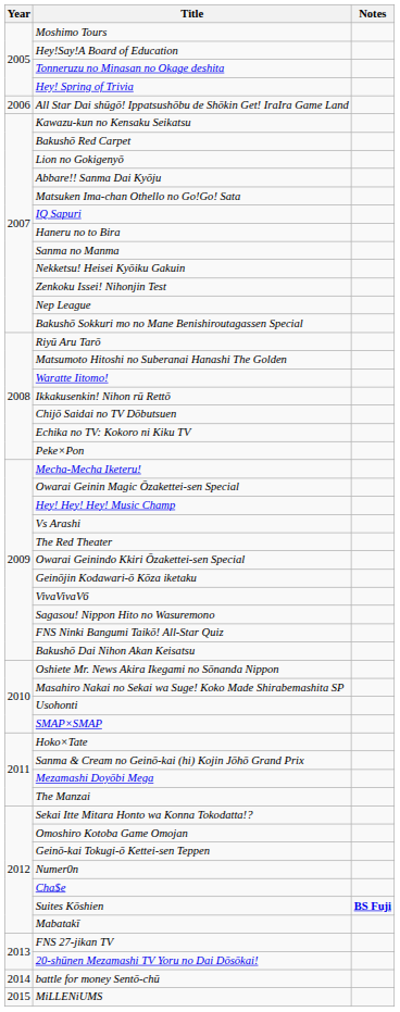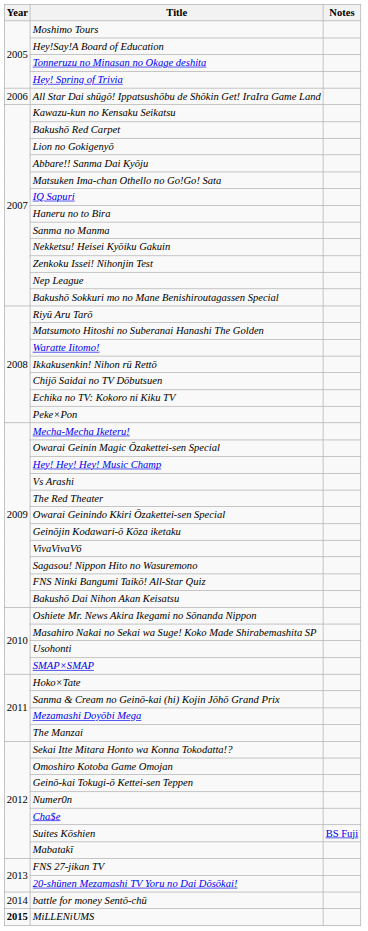 <table class="wikitable">
 <tr>
 <th>Year</th>
 <th>Title</th>
 <th>Notes</th>
 </tr>
 <tr>
 <td rowspan="4">2005</td>
 <td><em>Moshimo Tours</em></td>
 <td></td>
 </tr>
 <tr>
 <td><em>Hey!Say!A Board of Education</em></td>
 <td></td>
 </tr>
 <tr>
 <td><em><a href='#'>Tonneruzu no Minasan no Okage deshita</a></em></td>
 <td></td>
 </tr>
 <tr>
 <td><em><a href='#'>Hey! Spring of Trivia</a></em></td>
 <td></td>
 </tr>
 <tr>
 <td>2006</td>
 <td><em>All Star Dai shūgō! Ippatsushōbu de Shōkin Get! IraIra Game Land</em></td>
 <td></td>
 </tr>
 <tr>
 <td rowspan="12">2007</td>
 <td><em>Kawazu-kun no Kensaku Seikatsu</em></td>
 <td></td>
 </tr>
 <tr>
 <td><em>Bakushō Red Carpet</em></td>
 <td></td>
 </tr>
 <tr>
 <td><em>Lion no Gokigenyō</em></td>
 <td></td>
 </tr>
 <tr>
 <td><em>Abbare!! Sanma Dai Kyōju</em></td>
 <td></td>
 </tr>
 <tr>
 <td><em>Matsuken Ima-chan Othello no Go!Go! Sata</em></td>
 <td></td>
 </tr>
 <tr>
 <td><em><a href='#'>IQ Sapuri</a></em></td>
 <td></td>
 </tr>
 <tr>
 <td><em>Haneru no to Bira</em></td>
 <td></td>
 </tr>
 <tr>
 <td><em>Sanma no Manma</em></td>
 <td></td>
 </tr>
 <tr>
 <td><em>Nekketsu! Heisei Kyōiku Gakuin</em></td>
 <td></td>
 </tr>
 <tr>
 <td><em>Zenkoku Issei! Nihonjin Test</em></td>
 <td></td>
 </tr>
 <tr>
 <td><em>Nep League</em></td>
 <td></td>
 </tr>
 <tr>
 <td><em>Bakushō Sokkuri mo no Mane Benishiroutagassen Special</em></td>
 <td></td>
 </tr>
 <tr>
 <td rowspan="7">2008</td>
 <td><em>Riyū Aru Tarō</em></td>
 <td></td>
 </tr>
 <tr>
 <td><em>Matsumoto Hitoshi no Suberanai Hanashi The Golden</em></td>
 <td></td>
 </tr>
 <tr>
 <td><em><a href='#'>Waratte Iitomo!</a></em></td>
 <td></td>
 </tr>
 <tr>
 <td><em>Ikkakusenkin! Nihon rū Rettō</em></td>
 <td></td>
 </tr>
 <tr>
 <td><em>Chijō Saidai no TV Dōbutsuen</em></td>
 <td></td>
 </tr>
 <tr>
 <td><em>Echika no TV: Kokoro ni Kiku TV</em></td>
 <td></td>
 </tr>
 <tr>
 <td><em>Peke×Pon</em></td>
 <td></td>
 </tr>
 <tr>
 <td rowspan="11">2009</td>
 <td><em><a href='#'>Mecha-Mecha Iketeru!</a></em></td>
 <td></td>
 </tr>
 <tr>
 <td><em>Owarai Geinin Magic Ōzakettei-sen Special</em></td>
 <td></td>
 </tr>
 <tr>
 <td><em><a href='#'>Hey! Hey! Hey! Music Champ</a></em></td>
 <td></td>
 </tr>
 <tr>
 <td><em>Vs Arashi</em></td>
 <td></td>
 </tr>
 <tr>
 <td><em>The Red Theater</em></td>
 <td></td>
 </tr>
 <tr>
 <td><em>Owarai Geinindo Kkiri Ōzakettei-sen Special</em></td>
 <td></td>
 </tr>
 <tr>
 <td><em>Geinōjin Kodawari-ō Kōza iketaku</em></td>
 <td></td>
 </tr>
 <tr>
 <td><em>VivaVivaV6</em></td>
 <td></td>
 </tr>
 <tr>
 <td><em>Sagasou! Nippon Hito no Wasuremono</em></td>
 <td></td>
 </tr>
 <tr>
 <td><em>FNS Ninki Bangumi Taikō! All-Star Quiz</em></td>
 <td></td>
 </tr>
 <tr>
 <td><em>Bakushō Dai Nihon Akan Keisatsu</em></td>
 <td></td>
 </tr>
 <tr>
 <td rowspan="4">2010</td>
 <td><em>Oshiete Mr. News Akira Ikegami no Sōnanda Nippon</em></td>
 <td></td>
 </tr>
 <tr>
 <td><em>Masahiro Nakai no Sekai wa Suge! Koko Made Shirabemashita SP</em></td>
 <td></td>
 </tr>
 <tr>
 <td><em>Usohonti</em></td>
 <td></td>
 </tr>
 <tr>
 <td><em><a href='#'>SMAP×SMAP</a></em></td>
 <td></td>
 </tr>
 <tr>
 <td rowspan="4">2011</td>
 <td><em>Hoko×Tate</em></td>
 <td></td>
 </tr>
 <tr>
 <td><em>Sanma & Cream no Geinō-kai (hi) Kojin Jōhō Grand Prix</em></td>
 <td></td>
 </tr>
 <tr>
 <td><em><a href='#'>Mezamashi Doyōbi Mega</a></em></td>
 <td></td>
 </tr>
 <tr>
 <td><em>The Manzai</em></td>
 <td></td>
 </tr>
 <tr>
 <td rowspan="7">2012</td>
 <td><em>Sekai Itte Mitara Honto wa Konna Tokodatta!?</em></td>
 <td></td>
 </tr>
 <tr>
 <td><em>Omoshiro Kotoba Game Omojan</em></td>
 <td></td>
 </tr>
 <tr>
 <td><em>Geinō-kai Tokugi-ō Kettei-sen Teppen</em></td>
 <td></td>
 </tr>
 <tr>
 <td><em>Numer0n</em></td>
 <td></td>
 </tr>
 <tr>
 <td><em><a href='#'>Cha$e</a></em></td>
 <td></td>
 </tr>
 <tr>
 <td><em>Suites Kōshien</em></td>
-<td><strong><a href='#'>BS Fuji</a></strong></td>
+<td><a href='#'>BS Fuji</a></td>
 </tr>
 <tr>
 <td><em>Mabatakī</em></td>
 <td></td>
 </tr>
 <tr>
 <td rowspan="2">2013</td>
 <td><em>FNS 27-jikan TV</em></td>
 <td></td>
 </tr>
 <tr>
 <td><em><a href='#'>20-shūnen Mezamashi TV Yoru no Dai Dōsōkai!</a></em></td>
 <td></td>
 </tr>
 <tr>
 <td>2014</td>
 <td><em>battle for money Sentō-chū</em></td>
 <td></td>
 </tr>
 <tr>
-<td>2015</td>
+<td><strong>2015</strong></td>
 <td><em>MiLLENiUMS</em></td>
 <td></td>
 </tr>
 </table>
